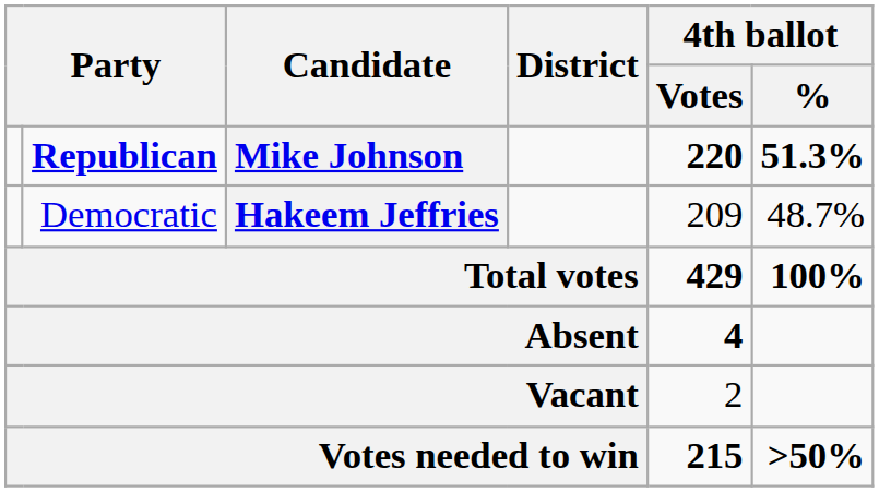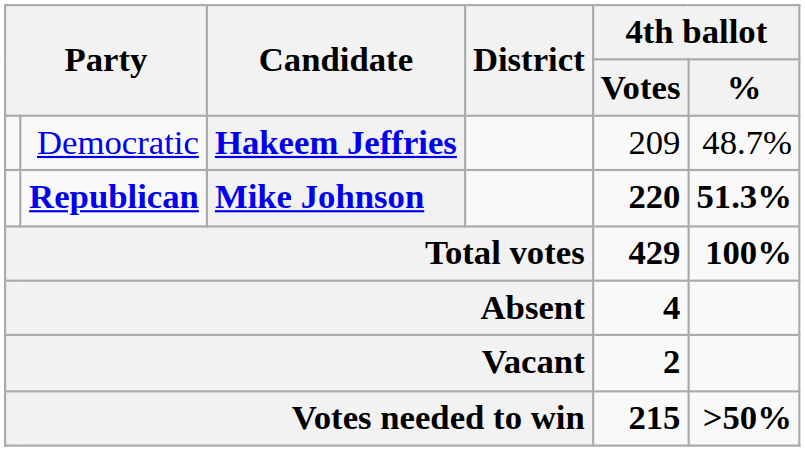 <table class="wikitable plainrowheaders sortable" style="text-align: right;">
 <tr>
 <th colspan="2" rowspan="2" scope="col" class="unsortable">Party</th>
 <th rowspan="2" scope="col" class="unsortable">Candidate</th>
 <th rowspan="2" scope="col" class="unsortable">District</th>
 <th colspan="2" scope="col">4th ballot<br></th>
 </tr>
 <tr>
 <th scope="col" data-sort-type="number">Votes</th>
 <th scope="col" class="unsortable">%</th>
 </tr>
 <tr>
 <td style="background-color:"></td>
+<td><a href='#'>Democratic</a></td>
+<th scope="row" style="text-align: left;"><a href='#'>Hakeem Jeffries</a></th>
+<td style="text-align: center;"></td>
+<td>209</td>
+<td>48.7%</td>
+</tr>
+<tr>
+<td style="background-color:"></td>
 <td><strong><a href='#'>Republican</a></strong></td>
 <th scope="row" style="text-align: left;"><strong><a href='#'>Mike Johnson</a></strong></th>
 <td style="text-align: center;"><strong></strong></td>
 <td><strong>220</strong></td>
 <td><strong>51.3%</strong></td>
-</tr>
-<tr>
-<td style="background-color:"></td>
-<td><a href='#'>Democratic</a></td>
-<th scope="row" style="text-align: left;"><a href='#'>Hakeem Jeffries</a></th>
-<td style="text-align: center;"></td>
-<td>209</td>
-<td>48.7%</td>
 </tr>
 <tr class="sortbottom">
 <th colspan="4" scope="row" style="text-align: right;"><strong>Total votes</strong></th>
 <td><strong>429</strong></td>
 <td><strong>100%</strong></td>
 </tr>
 <tr class="sortbottom">
 <th colspan="4" scope="row" style="text-align: right;">Absent</th>
 <td><strong>4</strong></td>
 <td></td>
 </tr>
 <tr class="sortbottom">
 <th colspan="4" scope="row" style="text-align: right;">Vacant</th>
-<td>2</td>
+<td><strong>2</strong></td>
 <td></td>
 </tr>
 <tr class="sortbottom">
 <th colspan="4" scope="row" style="text-align: right;">Votes needed to win</th>
 <td><strong>215</strong></td>
 <td><strong>>50%</strong></td>
 </tr>
 </table>
